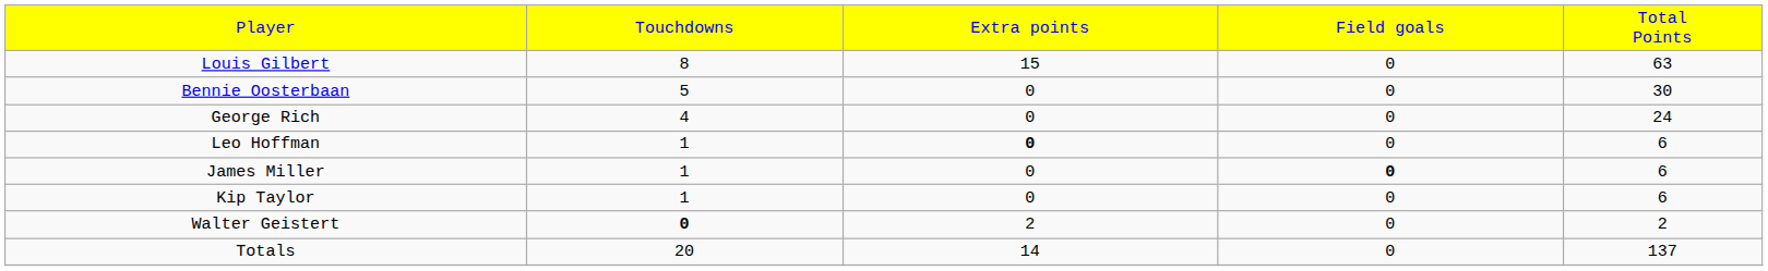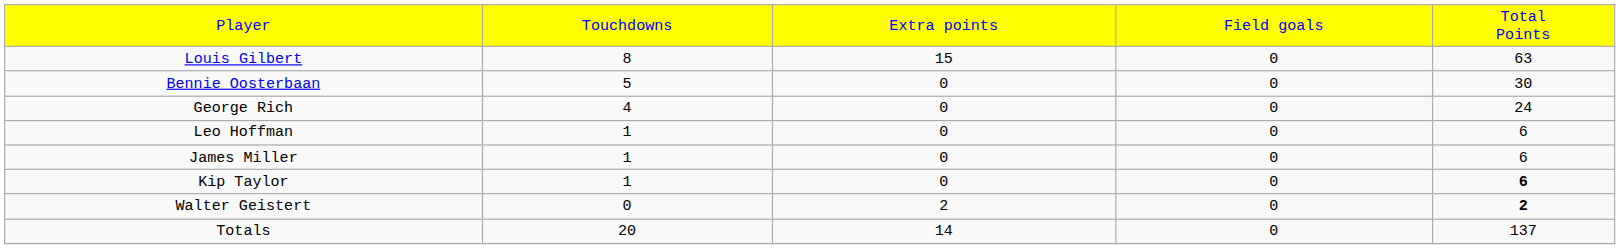 <table class="wikitable" width="70%">
 <tr align="center"  style="background:yellow;color:blue;">
 <td>Player</td>
 <td>Touchdowns</td>
 <td>Extra points</td>
 <td>Field goals</td>
 <td>Total<br>Points</td>
 </tr>
 <tr align="center" bgcolor="">
 <td><a href='#'>Louis Gilbert</a></td>
 <td>8</td>
 <td>15</td>
 <td>0</td>
 <td>63</td>
 </tr>
 <tr align="center" bgcolor="">
 <td><a href='#'>Bennie Oosterbaan</a></td>
 <td>5</td>
 <td>0</td>
 <td>0</td>
 <td>30</td>
 </tr>
 <tr align="center" bgcolor="">
 <td>George Rich</td>
 <td>4</td>
 <td>0</td>
 <td>0</td>
 <td>24</td>
 </tr>
 <tr align="center" bgcolor="">
 <td>Leo Hoffman</td>
 <td>1</td>
-<td><strong>0</strong></td>
+<td>0</td>
 <td>0</td>
 <td>6</td>
 </tr>
 <tr align="center" bgcolor="">
 <td>James Miller</td>
 <td>1</td>
 <td>0</td>
-<td><strong>0</strong></td>
+<td>0</td>
 <td>6</td>
 </tr>
 <tr align="center" bgcolor="">
 <td>Kip Taylor</td>
 <td>1</td>
 <td>0</td>
 <td>0</td>
-<td>6</td>
+<td><strong>6</strong></td>
 </tr>
 <tr align="center" bgcolor="">
 <td>Walter Geistert</td>
-<td><strong>0</strong></td>
+<td>0</td>
 <td>2</td>
 <td>0</td>
-<td>2</td>
+<td><strong>2</strong></td>
 </tr>
 <tr align="center" bgcolor="">
 <td>Totals</td>
 <td>20</td>
 <td>14</td>
 <td>0</td>
 <td>137</td>
 </tr>
 <tr align="center" bgcolor="">
 </tr>
 </table>
